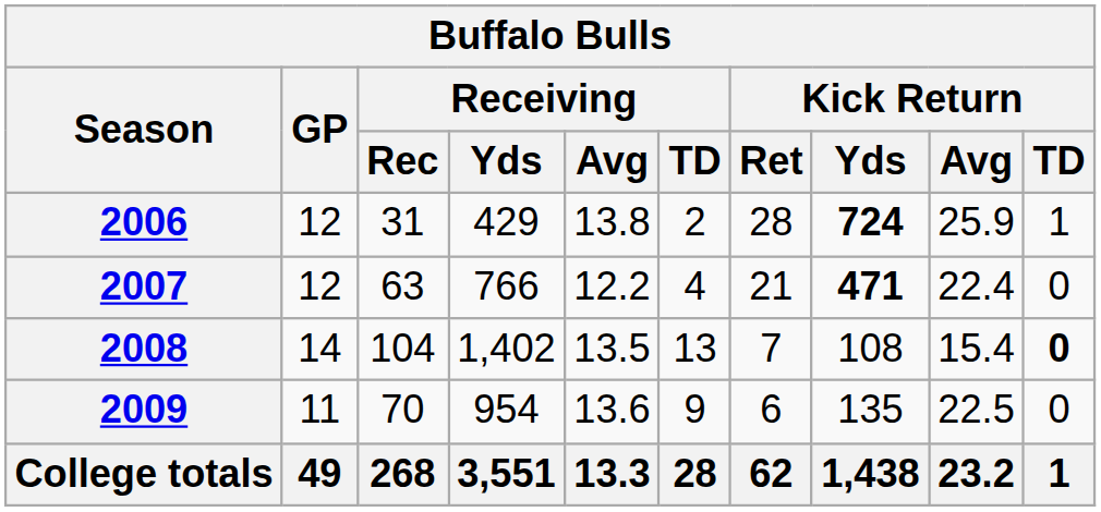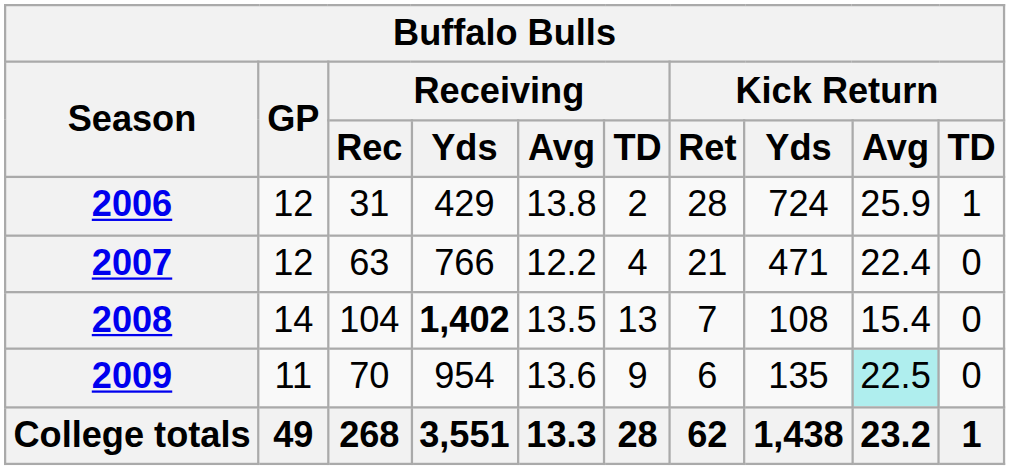 <table class="wikitable" style="text-align:center;">
 <tr>
 <th colspan="11"><strong>Buffalo Bulls</strong></th>
 </tr>
 <tr>
 <th rowspan="2">Season</th>
 <th rowspan="2">GP</th>
 <th colspan="4">Receiving</th>
 <th colspan="4">Kick Return</th>
 </tr>
 <tr>
 <th>Rec</th>
 <th>Yds</th>
 <th>Avg</th>
 <th>TD</th>
 <th>Ret</th>
 <th>Yds</th>
 <th>Avg</th>
 <th>TD</th>
 </tr>
 <tr>
 <th><a href='#'>2006</a></th>
 <td>12</td>
 <td>31</td>
 <td>429</td>
 <td>13.8</td>
 <td>2</td>
 <td>28</td>
-<td><strong>724</strong></td>
+<td>724</td>
 <td>25.9</td>
 <td>1</td>
 </tr>
 <tr>
 <th><a href='#'>2007</a></th>
 <td>12</td>
 <td>63</td>
 <td>766</td>
 <td>12.2</td>
 <td>4</td>
 <td>21</td>
-<td><strong>471</strong></td>
+<td>471</td>
 <td>22.4</td>
 <td>0</td>
 </tr>
 <tr>
 <th><a href='#'>2008</a></th>
 <td>14</td>
 <td>104</td>
-<td>1,402</td>
+<td><strong>1,402</strong></td>
 <td>13.5</td>
 <td>13</td>
 <td>7</td>
 <td>108</td>
 <td>15.4</td>
-<td><strong>0</strong></td>
+<td>0</td>
 </tr>
 <tr>
 <th><a href='#'>2009</a></th>
 <td>11</td>
 <td>70</td>
 <td>954</td>
 <td>13.6</td>
 <td>9</td>
 <td>6</td>
 <td>135</td>
-<td>22.5</td>
+<td style="background: paleturquoise;">22.5</td>
 <td>0</td>
 </tr>
 <tr>
 <th>College totals</th>
 <th>49</th>
 <th>268</th>
 <th>3,551</th>
 <th>13.3</th>
 <th>28</th>
 <th>62</th>
 <th>1,438</th>
 <th>23.2</th>
 <th>1</th>
 </tr>
 </table>
